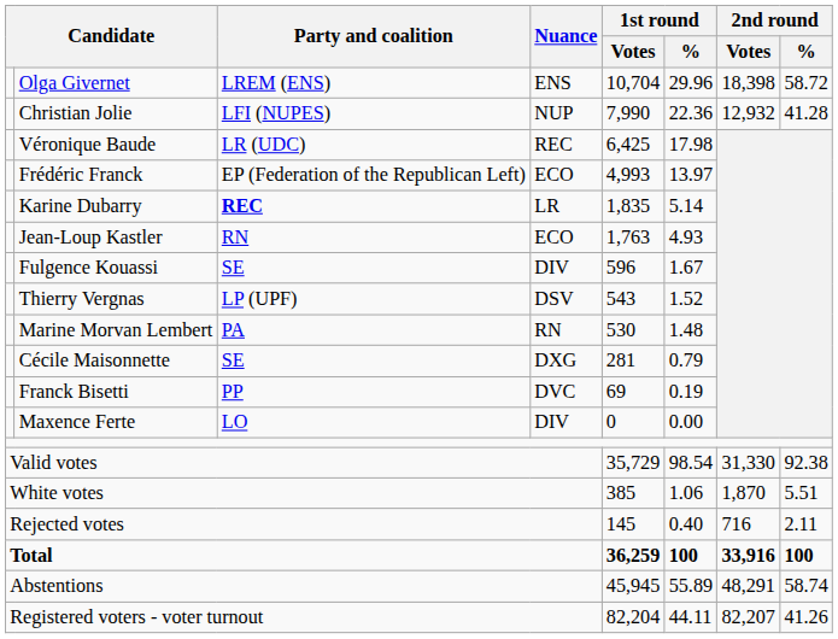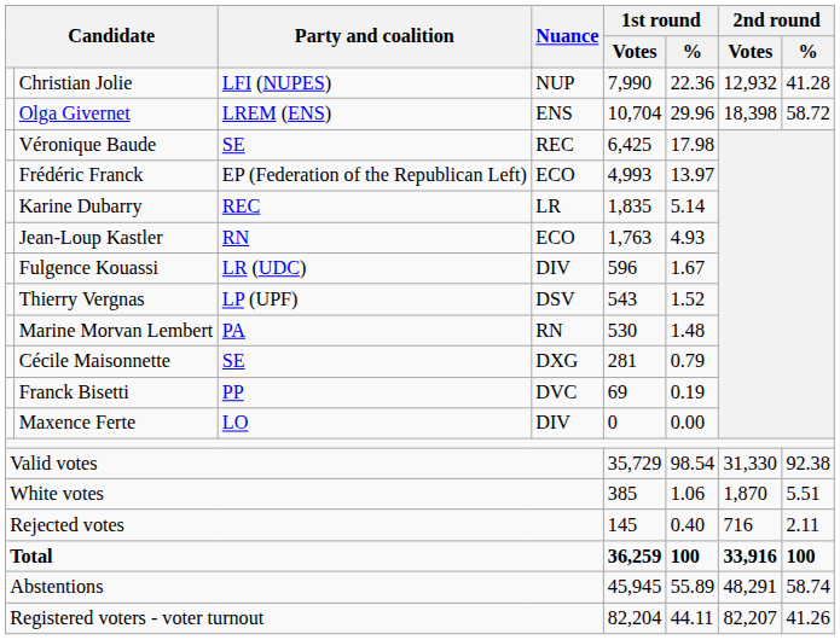 <table class="wikitable">
 <tr>
 <th colspan="2" rowspan="2">Candidate</th>
 <th rowspan="2">Party and coalition</th>
 <th rowspan="2"><a href='#'>Nuance</a></th>
 <th colspan="2">1st round</th>
 <th colspan="2">2nd round</th>
 </tr>
 <tr>
 <th>Votes</th>
 <th>%</th>
 <th>Votes</th>
 <th>%</th>
 </tr>
 <tr>
 <td style="background:"></td>
+<td>Christian Jolie</td>
+<td><a href='#'>LFI</a> (<a href='#'>NUPES</a>)</td>
+<td><abbr>NUP</abbr></td>
+<td>7,990</td>
+<td>22.36</td>
+<td>12,932</td>
+<td>41.28</td>
+</tr>
+<tr>
+<td style="background:"></td>
 <td><a href='#'>Olga Givernet</a></td>
 <td><a href='#'>LREM</a> (<a href='#'>ENS</a>)</td>
 <td><abbr>ENS</abbr></td>
 <td>10,704</td>
 <td>29.96</td>
 <td>18,398</td>
 <td>58.72</td>
 </tr>
 <tr>
 <td style="background:"></td>
-<td>Christian Jolie</td>
-<td><a href='#'>LFI</a> (<a href='#'>NUPES</a>)</td>
-<td><abbr>NUP</abbr></td>
-<td>7,990</td>
-<td>22.36</td>
-<td>12,932</td>
-<td>41.28</td>
-</tr>
-<tr>
-<td style="background:"></td>
 <td>Véronique Baude</td>
-<td><a href='#'>LR</a> (<a href='#'>UDC</a>)</td>
+<td><a href='#'>SE</a></td>
 <td><abbr>REC</abbr></td>
 <td>6,425</td>
 <td>17.98</td>
 <th colspan="2" rowspan="10"></th>
 </tr>
 <tr>
 <td style="background:"></td>
 <td>Frédéric Franck</td>
 <td><abbr>EP</abbr> (Federation of the Republican Left)</td>
 <td><abbr>ECO</abbr></td>
 <td>4,993</td>
 <td>13.97</td>
 </tr>
 <tr>
 <td style="background:"></td>
 <td>Karine Dubarry</td>
-<td><strong><a href='#'>REC</a></strong></td>
+<td><a href='#'>REC</a></td>
 <td><abbr>LR</abbr></td>
 <td>1,835</td>
 <td>5.14</td>
 </tr>
 <tr>
 <td style="background:"></td>
 <td>Jean-Loup Kastler</td>
 <td><a href='#'>RN</a></td>
 <td><abbr>ECO</abbr></td>
 <td>1,763</td>
 <td>4.93</td>
 </tr>
 <tr>
 <td style="background:"></td>
 <td>Fulgence Kouassi</td>
-<td><a href='#'>SE</a></td>
+<td><a href='#'>LR</a> (<a href='#'>UDC</a>)</td>
 <td><abbr>DIV</abbr></td>
 <td>596</td>
 <td>1.67</td>
 </tr>
 <tr>
 <td style="background:"></td>
 <td>Thierry Vergnas</td>
 <td><a href='#'>LP</a> (<abbr>UPF</abbr>)</td>
 <td><abbr>DSV</abbr></td>
 <td>543</td>
 <td>1.52</td>
 </tr>
 <tr>
 <td style="background:"></td>
 <td>Marine Morvan Lembert</td>
 <td><a href='#'>PA</a></td>
 <td><abbr>RN</abbr></td>
 <td>530</td>
 <td>1.48</td>
 </tr>
 <tr>
 <td style="background:"></td>
 <td>Cécile Maisonnette</td>
 <td><a href='#'>SE</a></td>
 <td><abbr>DXG</abbr></td>
 <td>281</td>
 <td>0.79</td>
 </tr>
 <tr>
 <td style="background:"></td>
 <td>Franck Bisetti</td>
 <td><a href='#'>PP</a></td>
 <td><abbr>DVC</abbr></td>
 <td>69</td>
 <td>0.19</td>
 </tr>
 <tr>
 <td style="background:"></td>
 <td>Maxence Ferte</td>
 <td><a href='#'>LO</a></td>
 <td><abbr>DIV</abbr></td>
 <td>0</td>
 <td>0.00</td>
 </tr>
 <tr>
 <td colspan="8"></td>
 </tr>
 <tr>
 <td colspan="4">Valid votes</td>
 <td>35,729</td>
 <td>98.54</td>
 <td>31,330</td>
 <td>92.38</td>
 </tr>
 <tr>
 <td colspan="4">White votes</td>
 <td>385</td>
 <td>1.06</td>
 <td>1,870</td>
 <td>5.51</td>
 </tr>
 <tr>
 <td colspan="4">Rejected votes</td>
 <td>145</td>
 <td>0.40</td>
 <td>716</td>
 <td>2.11</td>
 </tr>
 <tr>
 <td colspan="4"><strong>Total</strong></td>
 <td><strong>36,259</strong></td>
 <td><strong>100</strong></td>
 <td><strong>33,916</strong></td>
 <td><strong>100</strong></td>
 </tr>
 <tr>
 <td colspan="4">Abstentions</td>
 <td>45,945</td>
 <td>55.89</td>
 <td>48,291</td>
 <td>58.74</td>
 </tr>
 <tr>
 <td colspan="4">Registered voters - voter turnout</td>
 <td>82,204</td>
 <td>44.11</td>
 <td>82,207</td>
 <td>41.26</td>
 </tr>
 </table>
